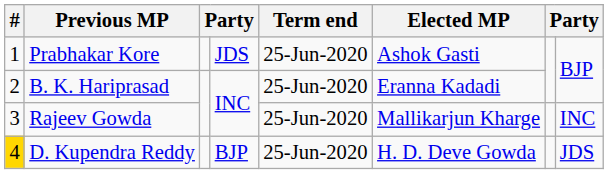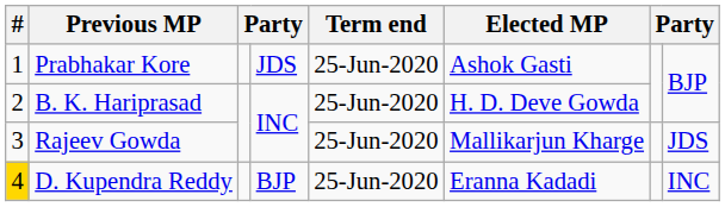 <table class="wikitable sortable">
 <tr>
 <th>#</th>
 <th>Previous MP</th>
 <th colspan="2">Party</th>
 <th>Term end</th>
 <th>Elected MP</th>
 <th colspan="2">Party</th>
 </tr>
 <tr>
 <td>1</td>
 <td><a href='#'>Prabhakar Kore</a></td>
 <td></td>
 <td><a href='#'>JDS</a></td>
 <td>25-Jun-2020</td>
 <td><a href='#'>Ashok Gasti</a></td>
 <td rowspan=2></td>
 <td rowspan="2"><a href='#'>BJP</a></td>
 </tr>
 <tr>
 <td>2</td>
 <td><a href='#'>B. K. Hariprasad</a></td>
 <td rowspan=2></td>
 <td rowspan="2"><a href='#'>INC</a></td>
 <td>25-Jun-2020</td>
-<td><a href='#'>Eranna Kadadi</a></td>
+<td><a href='#'>H. D. Deve Gowda</a></td>
 </tr>
 <tr>
 <td>3</td>
 <td><a href='#'>Rajeev Gowda</a></td>
 <td>25-Jun-2020</td>
 <td><a href='#'>Mallikarjun Kharge</a></td>
 <td></td>
-<td><a href='#'>INC</a></td>
+<td><a href='#'>JDS</a></td>
 </tr>
 <tr>
 <td style="background: gold;">4</td>
 <td><a href='#'>D. Kupendra Reddy</a></td>
 <td></td>
 <td><a href='#'>BJP</a></td>
 <td>25-Jun-2020</td>
-<td><a href='#'>H. D. Deve Gowda</a></td>
+<td><a href='#'>Eranna Kadadi</a></td>
 <td></td>
-<td><a href='#'>JDS</a></td>
+<td><a href='#'>INC</a></td>
 </tr>
 </table>
